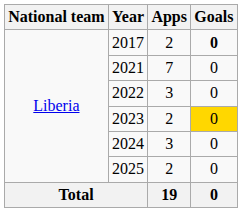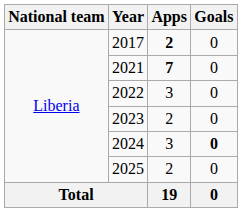 <table class="wikitable" style="text-align:center">
 <tr>
 <th>National team</th>
 <th>Year</th>
 <th>Apps</th>
 <th>Goals</th>
 </tr>
 <tr>
 <td rowspan="6"><a href='#'>Liberia</a></td>
 <td>2017</td>
-<td>2</td>
-<td><strong>0</strong></td>
+<td><strong>2</strong></td>
+<td>0</td>
 </tr>
 <tr>
 <td>2021</td>
-<td>7</td>
+<td><strong>7</strong></td>
 <td>0</td>
 </tr>
 <tr>
 <td>2022</td>
 <td>3</td>
 <td>0</td>
 </tr>
 <tr>
 <td>2023</td>
 <td>2</td>
-<td style="background: gold;">0</td>
+<td>0</td>
 </tr>
 <tr>
 <td>2024</td>
 <td>3</td>
-<td>0</td>
+<td><strong>0</strong></td>
 </tr>
 <tr>
 <td>2025</td>
 <td>2</td>
 <td>0</td>
 </tr>
 <tr>
 <th colspan="2">Total</th>
 <th>19</th>
 <th>0</th>
 </tr>
 </table>
